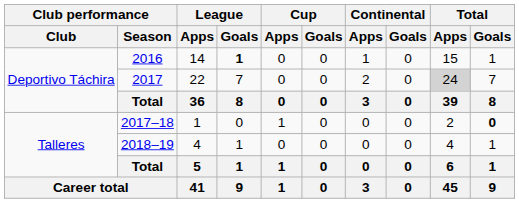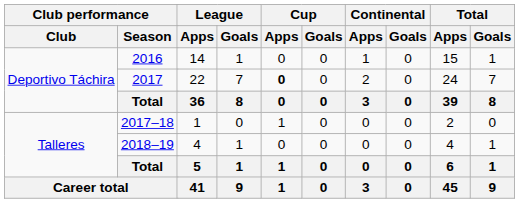 <table class="wikitable" style="text-align:center">
 <tr>
 <th colspan=3>Club performance</th>
 <th colspan=2>League</th>
 <th colspan=2>Cup</th>
 <th colspan=2>Continental</th>
 <th colspan=2>Total</th>
 </tr>
 <tr>
 <th>Club</th>
 <th colspan="2">Season</th>
 <th>Apps</th>
 <th>Goals</th>
 <th>Apps</th>
 <th>Goals</th>
 <th>Apps</th>
 <th>Goals</th>
 <th>Apps</th>
 <th>Goals</th>
 </tr>
 <tr>
 <td rowspan="3"><a href='#'>Deportivo Táchira</a></td>
 <td colspan="2"><a href='#'>2016</a></td>
 <td>14</td>
-<td><strong>1</strong></td>
+<td>1</td>
 <td>0</td>
 <td>0</td>
 <td>1</td>
 <td>0</td>
 <td>15</td>
 <td>1</td>
 </tr>
 <tr>
 <td colspan="2"><a href='#'>2017</a></td>
 <td>22</td>
 <td>7</td>
-<td>0</td>
+<td><strong>0</strong></td>
 <td>0</td>
 <td>2</td>
 <td>0</td>
-<td style="background: lightgrey;">24</td>
+<td>24</td>
 <td>7</td>
 </tr>
 <tr>
 <th colspan="2">Total</th>
 <th>36</th>
 <th>8</th>
 <th>0</th>
 <th>0</th>
 <th>3</th>
 <th>0</th>
 <th>39</th>
 <th>8</th>
 </tr>
 <tr>
 <td rowspan="3"><a href='#'>Talleres</a></td>
 <td colspan="2"><a href='#'>2017–18</a></td>
 <td>1</td>
 <td>0</td>
 <td>1</td>
 <td>0</td>
 <td>0</td>
 <td>0</td>
 <td>2</td>
-<td><strong>0</strong></td>
+<td>0</td>
 </tr>
 <tr>
 <td colspan="2"><a href='#'>2018–19</a></td>
 <td>4</td>
 <td>1</td>
 <td>0</td>
 <td>0</td>
 <td>0</td>
 <td>0</td>
 <td>4</td>
 <td>1</td>
 </tr>
 <tr>
 <th colspan="2">Total</th>
 <th>5</th>
 <th>1</th>
 <th>1</th>
 <th>0</th>
 <th>0</th>
 <th>0</th>
 <th>6</th>
 <th>1</th>
 </tr>
 <tr>
 <th colspan=3>Career total</th>
 <th>41</th>
 <th>9</th>
 <th>1</th>
 <th>0</th>
 <th>3</th>
 <th>0</th>
 <th>45</th>
 <th>9</th>
 </tr>
 </table>
